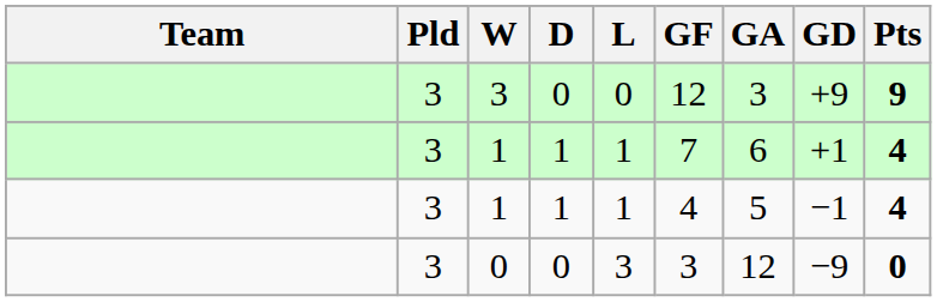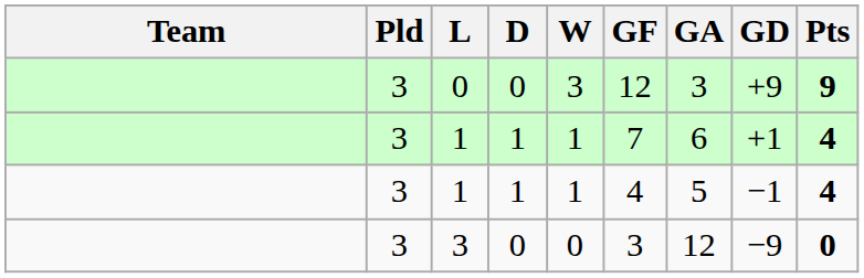 <table class="wikitable" style="text-align:center;">
 <tr>
 <th width=165>Team</th>
 <th width=20>Pld</th>
+<th width=20>L</th>
+<th width=20>D</th>
 <th width=20>W</th>
-<th width=20>D</th>
-<th width=20>L</th>
 <th width=20>GF</th>
 <th width=20>GA</th>
 <th width=20>GD</th>
 <th width=20>Pts</th>
 </tr>
 <tr align=center style="background:#ccffcc;">
 <td style="text-align:left;"></td>
 <td>3</td>
-<td>3</td>
 <td>0</td>
 <td>0</td>
+<td>3</td>
 <td>12</td>
 <td>3</td>
 <td>+9</td>
 <td><strong>9</strong></td>
 </tr>
 <tr align=center style="background:#ccffcc;">
 <td style="text-align:left;"></td>
 <td>3</td>
 <td>1</td>
 <td>1</td>
 <td>1</td>
 <td>7</td>
 <td>6</td>
 <td>+1</td>
 <td><strong>4</strong></td>
 </tr>
 <tr>
 <td style="text-align:left;"></td>
 <td>3</td>
 <td>1</td>
 <td>1</td>
 <td>1</td>
 <td>4</td>
 <td>5</td>
 <td>−1</td>
 <td><strong>4</strong></td>
 </tr>
 <tr>
 <td style="text-align:left;"></td>
 <td>3</td>
+<td>3</td>
 <td>0</td>
 <td>0</td>
-<td>3</td>
 <td>3</td>
 <td>12</td>
 <td>−9</td>
 <td><strong>0</strong></td>
 </tr>
 </table>
